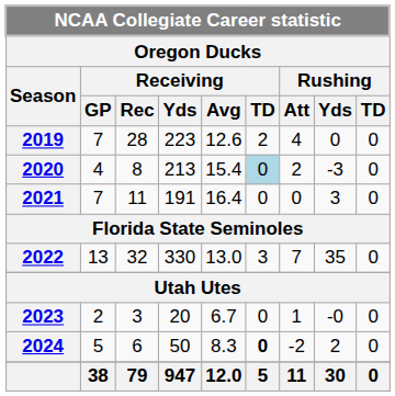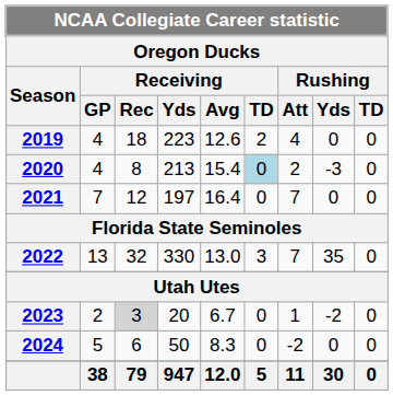 <table class=wikitable style="text-align:center;">
 <tr>
 <th colspan="10" style="background:gray; border:2px solid silver; color:white;">NCAA Collegiate Career statistic</th>
 </tr>
 <tr>
 <th colspan="10">Oregon Ducks</th>
 </tr>
 <tr>
 <th rowspan="2">Season</th>
 <th colspan="5">Receiving</th>
 <th colspan="3">Rushing</th>
 </tr>
 <tr>
 <th>GP</th>
 <th>Rec</th>
 <th>Yds</th>
 <th>Avg</th>
 <th>TD</th>
 <th>Att</th>
 <th>Yds</th>
 <th>TD</th>
 </tr>
 <tr>
 <th><a href='#'>2019</a></th>
-<td>7</td>
-<td>28</td>
+<td>4</td>
+<td>18</td>
 <td>223</td>
 <td>12.6</td>
 <td>2</td>
 <td>4</td>
 <td>0</td>
 <td>0</td>
 </tr>
 <tr>
 <th><a href='#'>2020</a></th>
 <td>4</td>
 <td>8</td>
 <td>213</td>
 <td>15.4</td>
 <td style="background: lightblue;">0</td>
 <td>2</td>
 <td>-3</td>
 <td>0</td>
 </tr>
 <tr>
 <th><a href='#'>2021</a></th>
 <td>7</td>
-<td>11</td>
-<td>191</td>
+<td>12</td>
+<td>197</td>
 <td>16.4</td>
 <td>0</td>
+<td>7</td>
 <td>0</td>
-<td>3</td>
 <td>0</td>
 </tr>
 <tr>
 <th colspan="10">Florida State Seminoles</th>
 </tr>
 <tr>
 <th><a href='#'>2022</a></th>
 <td>13</td>
 <td>32</td>
 <td>330</td>
 <td>13.0</td>
 <td>3</td>
 <td>7</td>
 <td>35</td>
 <td>0</td>
 </tr>
 <tr>
 </tr>
 <tr>
 <th colspan="10">Utah Utes</th>
 </tr>
 <tr>
 <th><a href='#'>2023</a></th>
 <td>2</td>
-<td>3</td>
+<td style="background: lightgrey;">3</td>
 <td>20</td>
 <td>6.7</td>
 <td>0</td>
 <td 0>1</td>
-<td>-0</td>
+<td>-2</td>
 <td>0</td>
 </tr>
 <tr>
 <th><a href='#'>2024</a></th>
 <td>5</td>
 <td>6</td>
 <td>50</td>
 <td>8.3</td>
-<td><strong>0</strong></td>
+<td>0</td>
 <td 1>-2</td>
-<td>2</td>
+<td>0</td>
 <td>0</td>
 </tr>
 <tr>
 </tr>
 <tr>
 <th></th>
 <th>38</th>
 <th>79</th>
 <th>947</th>
 <th>12.0</th>
 <th>5</th>
 <th>11</th>
 <th>30</th>
 <th>0</th>
 </tr>
 </table>
